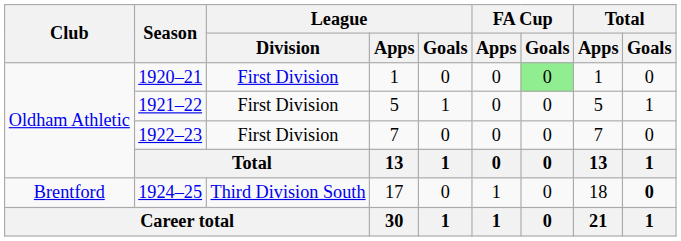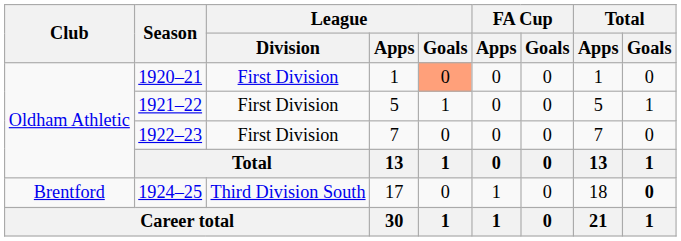 <table class="wikitable" style="text-align: center;">
 <tr>
 <th rowspan="2">Club</th>
 <th rowspan="2">Season</th>
 <th colspan="3">League</th>
 <th colspan="2">FA Cup</th>
 <th colspan="2">Total</th>
 </tr>
 <tr>
 <th>Division</th>
 <th>Apps</th>
 <th>Goals</th>
 <th>Apps</th>
 <th>Goals</th>
 <th>Apps</th>
 <th>Goals</th>
 </tr>
 <tr>
 <td rowspan="4"><a href='#'>Oldham Athletic</a></td>
 <td><a href='#'>1920–21</a></td>
 <td><a href='#'>First Division</a></td>
 <td>1</td>
+<td style="background: lightsalmon;">0</td>
 <td>0</td>
 <td>0</td>
-<td style="background: lightgreen;">0</td>
 <td>1</td>
 <td>0</td>
 </tr>
 <tr>
 <td><a href='#'>1921–22</a></td>
 <td>First Division</td>
 <td>5</td>
 <td>1</td>
 <td>0</td>
 <td>0</td>
 <td>5</td>
 <td>1</td>
 </tr>
 <tr>
 <td><a href='#'>1922–23</a></td>
 <td>First Division</td>
 <td>7</td>
 <td>0</td>
 <td>0</td>
 <td>0</td>
 <td>7</td>
 <td>0</td>
 </tr>
 <tr>
 <th colspan="2">Total</th>
 <th>13</th>
 <th>1</th>
 <th>0</th>
 <th>0</th>
 <th>13</th>
 <th>1</th>
 </tr>
 <tr>
 <td><a href='#'>Brentford</a></td>
 <td><a href='#'>1924–25</a></td>
 <td><a href='#'>Third Division South</a></td>
 <td>17</td>
 <td>0</td>
 <td>1</td>
 <td>0</td>
 <td>18</td>
 <td><strong>0</strong></td>
 </tr>
 <tr>
 <th colspan="3">Career total</th>
 <th>30</th>
 <th>1</th>
 <th>1</th>
 <th>0</th>
 <th>21</th>
 <th>1</th>
 </tr>
 </table>
